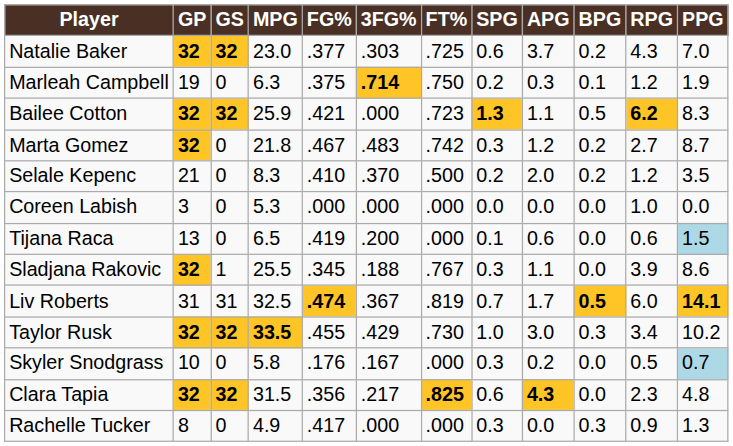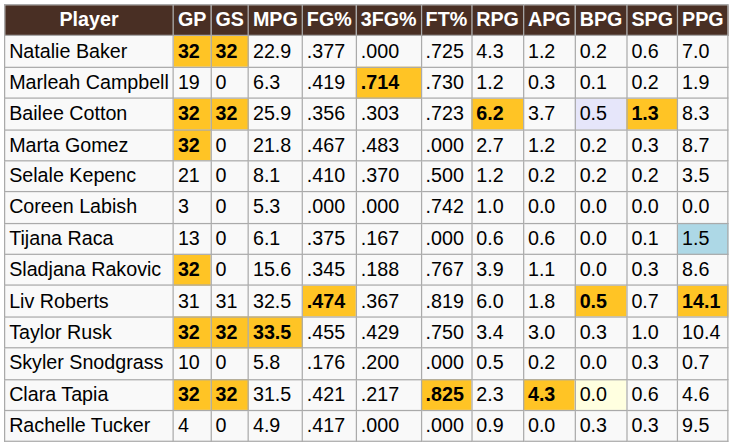 <table class="wikitable sortable">
 <tr>
 <th style="background:#492f24; color:white">Player</th>
 <th style="background:#492f24; color:white">GP</th>
 <th style="background:#492f24; color:white">GS</th>
 <th style="background:#492f24; color:white">MPG</th>
 <th style="background:#492f24; color:white">FG%</th>
 <th style="background:#492f24; color:white">3FG%</th>
 <th style="background:#492f24; color:white">FT%</th>
-<th style="background:#492f24; color:white;">SPG</th>
+<th style="background:#492f24; color:white;">RPG</th>
 <th style="background:#492f24; color:white;">APG</th>
 <th style="background:#492f24; color:white;">BPG</th>
-<th style="background:#492f24; color:white;">RPG</th>
+<th style="background:#492f24; color:white;">SPG</th>
 <th style="background:#492f24; color:white;">PPG</th>
 </tr>
 <tr>
 <td>Natalie Baker</td>
 <td style="background:#ffc425"><strong>32</strong></td>
 <td style="background:#ffc425"><strong>32</strong></td>
-<td>23.0</td>
+<td>22.9</td>
 <td>.377</td>
-<td>.303</td>
+<td>.000</td>
 <td>.725</td>
+<td>4.3</td>
+<td>1.2</td>
+<td>0.2</td>
 <td>0.6</td>
-<td>3.7</td>
-<td>0.2</td>
-<td>4.3</td>
 <td>7.0</td>
 </tr>
 <tr>
 <td>Marleah Campbell</td>
 <td>19</td>
 <td>0</td>
 <td>6.3</td>
-<td>.375</td>
+<td>.419</td>
 <td style="background:#ffc425"><strong>.714</strong></td>
-<td>.750</td>
-<td>0.2</td>
+<td>.730</td>
+<td>1.2</td>
 <td>0.3</td>
 <td>0.1</td>
-<td>1.2</td>
+<td>0.2</td>
 <td>1.9</td>
 </tr>
 <tr>
 <td>Bailee Cotton</td>
 <td style="background:#ffc425"><strong>32</strong></td>
 <td style="background:#ffc425"><strong>32</strong></td>
 <td>25.9</td>
-<td>.421</td>
-<td>.000</td>
+<td>.356</td>
+<td>.303</td>
 <td>.723</td>
+<td style="background:#ffc425"><strong>6.2</strong></td>
+<td>3.7</td>
+<td style="background: lavender;">0.5</td>
 <td style="background:#ffc425"><strong>1.3</strong></td>
-<td>1.1</td>
-<td>0.5</td>
-<td style="background:#ffc425"><strong>6.2</strong></td>
 <td>8.3</td>
 </tr>
 <tr>
 <td>Marta Gomez</td>
 <td style="background:#ffc425"><strong>32</strong></td>
 <td>0</td>
 <td>21.8</td>
 <td>.467</td>
 <td>.483</td>
-<td>.742</td>
-<td>0.3</td>
+<td>.000</td>
+<td>2.7</td>
 <td>1.2</td>
 <td>0.2</td>
-<td>2.7</td>
+<td>0.3</td>
 <td>8.7</td>
 </tr>
 <tr>
 <td>Selale Kepenc</td>
 <td>21</td>
 <td>0</td>
-<td>8.3</td>
+<td>8.1</td>
 <td>.410</td>
 <td>.370</td>
 <td>.500</td>
+<td>1.2</td>
 <td>0.2</td>
-<td>2.0</td>
 <td>0.2</td>
-<td>1.2</td>
+<td>0.2</td>
 <td>3.5</td>
 </tr>
 <tr>
 <td>Coreen Labish</td>
 <td>3</td>
 <td>0</td>
 <td>5.3</td>
 <td>.000</td>
 <td>.000</td>
-<td>.000</td>
+<td>.742</td>
+<td>1.0</td>
 <td>0.0</td>
 <td>0.0</td>
 <td>0.0</td>
-<td>1.0</td>
 <td>0.0</td>
 </tr>
 <tr>
 <td>Tijana Raca</td>
 <td>13</td>
 <td>0</td>
-<td>6.5</td>
-<td>.419</td>
-<td>.200</td>
+<td>6.1</td>
+<td>.375</td>
+<td>.167</td>
 <td>.000</td>
-<td>0.1</td>
+<td>0.6</td>
 <td>0.6</td>
 <td>0.0</td>
-<td>0.6</td>
+<td>0.1</td>
 <td style="background: lightblue;">1.5</td>
 </tr>
 <tr>
 <td>Sladjana Rakovic</td>
 <td style="background:#ffc425"><strong>32</strong></td>
-<td>1</td>
-<td>25.5</td>
+<td>0</td>
+<td>15.6</td>
 <td>.345</td>
 <td>.188</td>
 <td>.767</td>
-<td>0.3</td>
+<td>3.9</td>
 <td>1.1</td>
 <td>0.0</td>
-<td>3.9</td>
+<td>0.3</td>
 <td>8.6</td>
 </tr>
 <tr>
 <td>Liv Roberts</td>
 <td>31</td>
 <td>31</td>
 <td>32.5</td>
 <td style="background:#ffc425"><strong>.474</strong></td>
 <td>.367</td>
 <td>.819</td>
+<td>6.0</td>
+<td>1.8</td>
+<td style="background:#ffc425"><strong>0.5</strong></td>
 <td>0.7</td>
-<td>1.7</td>
-<td style="background:#ffc425"><strong>0.5</strong></td>
-<td>6.0</td>
 <td style="background:#ffc425"><strong>14.1</strong></td>
 </tr>
 <tr>
 <td>Taylor Rusk</td>
 <td style="background:#ffc425"><strong>32</strong></td>
 <td style="background:#ffc425"><strong>32</strong></td>
 <td style="background:#ffc425"><strong>33.5</strong></td>
 <td>.455</td>
 <td>.429</td>
-<td>.730</td>
-<td>1.0</td>
+<td>.750</td>
+<td>3.4</td>
 <td>3.0</td>
 <td>0.3</td>
-<td>3.4</td>
-<td>10.2</td>
+<td>1.0</td>
+<td>10.4</td>
 </tr>
 <tr>
 <td>Skyler Snodgrass</td>
 <td>10</td>
 <td>0</td>
 <td>5.8</td>
 <td>.176</td>
-<td>.167</td>
+<td>.200</td>
 <td>.000</td>
-<td>0.3</td>
+<td>0.5</td>
 <td>0.2</td>
 <td>0.0</td>
-<td>0.5</td>
-<td style="background: lightblue;">0.7</td>
+<td>0.3</td>
+<td>0.7</td>
 </tr>
 <tr>
 <td>Clara Tapia</td>
 <td style="background:#ffc425"><strong>32</strong></td>
 <td style="background:#ffc425"><strong>32</strong></td>
 <td>31.5</td>
-<td>.356</td>
+<td>.421</td>
 <td>.217</td>
 <td style="background:#ffc425"><strong>.825</strong></td>
+<td>2.3</td>
+<td style="background:#ffc425"><strong>4.3</strong></td>
+<td style="background: lightyellow;">0.0</td>
 <td>0.6</td>
-<td style="background:#ffc425"><strong>4.3</strong></td>
-<td>0.0</td>
-<td>2.3</td>
-<td>4.8</td>
+<td>4.6</td>
 </tr>
 <tr>
 <td>Rachelle Tucker</td>
-<td>8</td>
+<td>4</td>
 <td>0</td>
 <td>4.9</td>
 <td>.417</td>
 <td>.000</td>
 <td>.000</td>
-<td>0.3</td>
+<td>0.9</td>
 <td>0.0</td>
 <td>0.3</td>
-<td>0.9</td>
-<td>1.3</td>
+<td>0.3</td>
+<td>9.5</td>
 </tr>
 </table>
